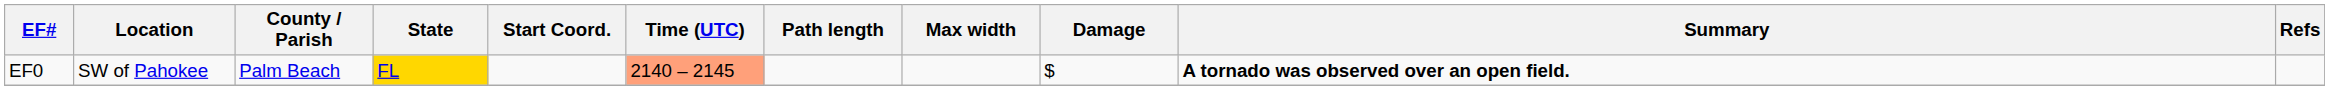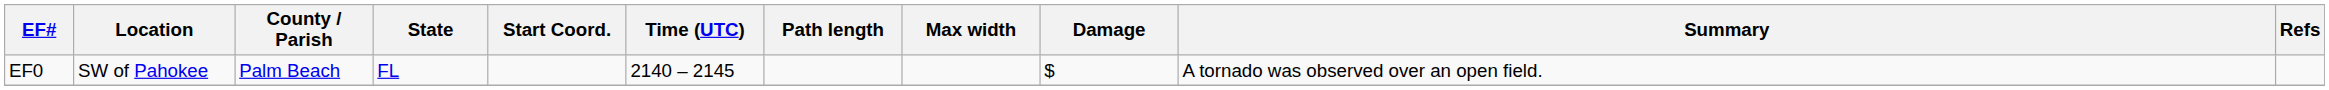 <table class="wikitable sortable" style="width:100%;">
 <tr>
 <th scope="col" width="3%" align="center"><a href='#'>EF#</a></th>
 <th scope="col" width="7%" align="center" class="unsortable">Location</th>
 <th scope="col" width="6%" align="center" class="unsortable">County / Parish</th>
 <th scope="col" width="5%" align="center">State</th>
 <th scope="col" width="6%" align="center">Start Coord.</th>
 <th scope="col" width="6%" align="center">Time (<a href='#'>UTC</a>)</th>
 <th scope="col" width="6%" align="center">Path length</th>
 <th scope="col" width="6%" align="center">Max width</th>
 <th scope="col" width="6%" align="center">Damage</th>
 <th scope="col" width="48%" class="unsortable" align="center">Summary</th>
 <th scope="col" width="48%" class="unsortable" align="center">Refs</th>
 </tr>
 <tr>
 <td>EF0</td>
 <td>SW of <a href='#'>Pahokee</a></td>
 <td><a href='#'>Palm Beach</a></td>
-<td style="background: gold;"><a href='#'>FL</a></td>
+<td><a href='#'>FL</a></td>
 <td></td>
-<td style="background: lightsalmon;">2140 – 2145</td>
+<td>2140 – 2145</td>
 <td></td>
 <td></td>
 <td>$</td>
-<td><strong>A tornado was observed over an open field.</strong></td>
+<td>A tornado was observed over an open field.</td>
 <td></td>
 </tr>
 <tr>
 </tr>
 </table>
